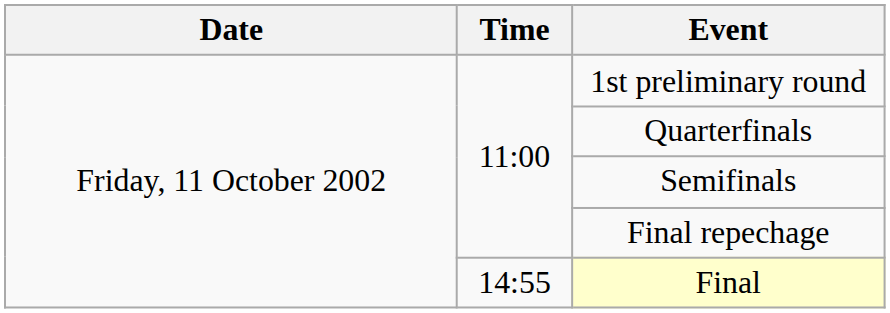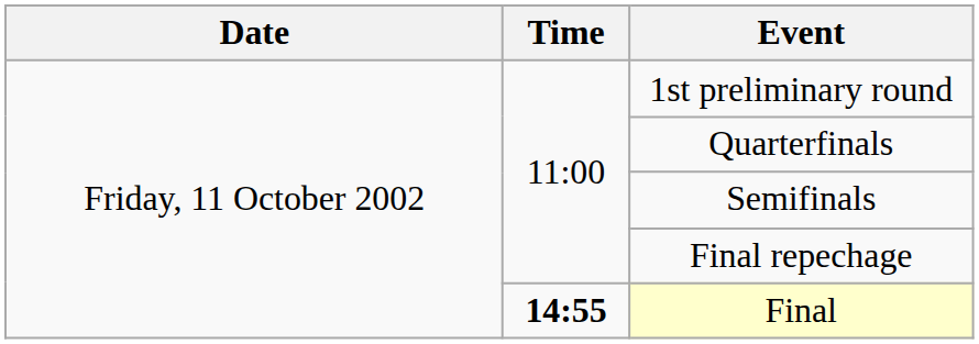 <table class = "wikitable" style="text-align:center;">
 <tr>
 <th width=220>Date</th>
 <th width=50>Time</th>
 <th width=150>Event</th>
 </tr>
 <tr>
 <td rowspan=5>Friday, 11 October 2002</td>
 <td rowspan=4>11:00</td>
 <td>1st preliminary round</td>
 </tr>
 <tr>
 <td>Quarterfinals</td>
 </tr>
 <tr>
 <td>Semifinals</td>
 </tr>
 <tr>
 <td>Final repechage</td>
 </tr>
 <tr>
-<td>14:55</td>
+<td><strong>14:55</strong></td>
 <td bgcolor=ffffcc>Final</td>
 </tr>
 </table>
